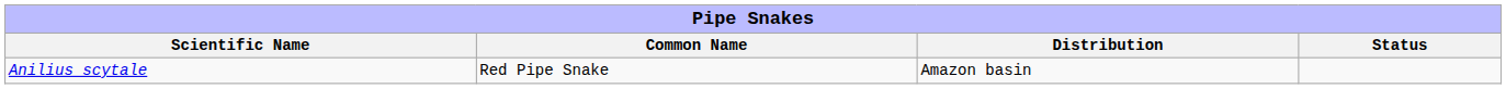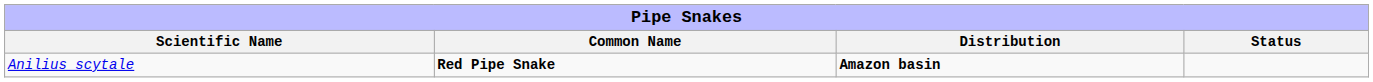 <table class="wikitable" style="width:100%;">
 <tr>
 <td colspan="100%" align="center" bgcolor="#BBBBFF"><big><strong>Pipe Snakes</strong></big></td>
 </tr>
 <tr>
 <th>Scientific Name</th>
 <th>Common Name</th>
 <th>Distribution</th>
 <th>Status</th>
 </tr>
 <tr>
 <td><em><a href='#'>Anilius scytale</a></em></td>
-<td>Red Pipe Snake</td>
-<td>Amazon basin</td>
+<td><strong>Red Pipe Snake</strong></td>
+<td><strong>Amazon basin</strong></td>
 <td></td>
 </tr>
 </table>
